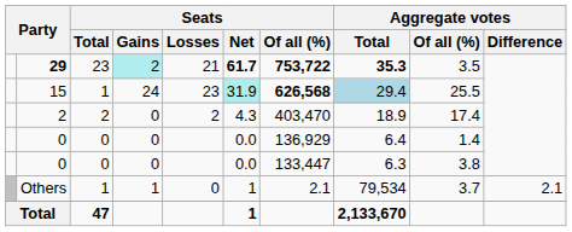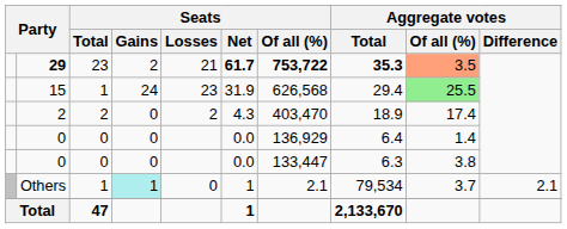 <table class="wikitable sortable" style="text-align:right; font-size:95%;">
 <tr>
 <th colspan="2" rowspan="2">Party</th>
 <th colspan="5">Seats</th>
 <th colspan="3">Aggregate votes</th>
 </tr>
 <tr>
 <th>Total</th>
 <th>Gains</th>
 <th>Losses</th>
 <th>Net</th>
 <th>Of all (%)</th>
 <th>Total</th>
 <th>Of all (%)</th>
 <th>Difference</th>
 </tr>
 <tr>
 <td></td>
 <td><strong>29</strong></td>
 <td>23</td>
-<td style="background: paleturquoise;">2</td>
+<td>2</td>
 <td>21</td>
 <td><strong>61.7</strong></td>
 <td><strong>753,722</strong></td>
 <td><strong>35.3</strong></td>
-<td>3.5</td>
+<td style="background: lightsalmon;">3.5</td>
 </tr>
 <tr>
 <td></td>
 <td>15</td>
 <td>1</td>
 <td>24</td>
 <td>23</td>
-<td style="background: paleturquoise;">31.9</td>
-<td><strong>626,568</strong></td>
-<td style="background: lightblue;">29.4</td>
-<td>25.5</td>
+<td>31.9</td>
+<td>626,568</td>
+<td>29.4</td>
+<td style="background: lightgreen;">25.5</td>
 </tr>
 <tr>
 <td></td>
 <td>2</td>
 <td>2</td>
 <td>0</td>
 <td>2</td>
 <td>4.3</td>
 <td>403,470</td>
 <td>18.9</td>
 <td>17.4</td>
 </tr>
 <tr>
 <td></td>
 <td>0</td>
 <td>0</td>
 <td>0</td>
 <td></td>
 <td>0.0</td>
 <td>136,929</td>
 <td>6.4</td>
 <td>1.4</td>
 </tr>
 <tr>
 <td></td>
 <td>0</td>
 <td>0</td>
 <td>0</td>
 <td></td>
 <td>0.0</td>
 <td>133,447</td>
 <td>6.3</td>
 <td>3.8</td>
 </tr>
 <tr>
 <td style="background:silver;"> </td>
 <td align=left>Others</td>
 <td>1</td>
-<td>1</td>
+<td style="background: paleturquoise;">1</td>
 <td>0</td>
 <td>1</td>
 <td>2.1</td>
 <td>79,534</td>
 <td>3.7</td>
 <td>2.1</td>
 </tr>
 <tr>
 </tr>
 <tr class="sortbottom" style="font-weight:bold;">
 <th colspan="2" scope="row" style="background-color:#f2f2f2;">Total</th>
 <td>47</td>
 <td></td>
 <td></td>
 <td> 1</td>
 <td></td>
 <td>2,133,670</td>
 <td></td>
 <td></td>
 </tr>
 </table>
